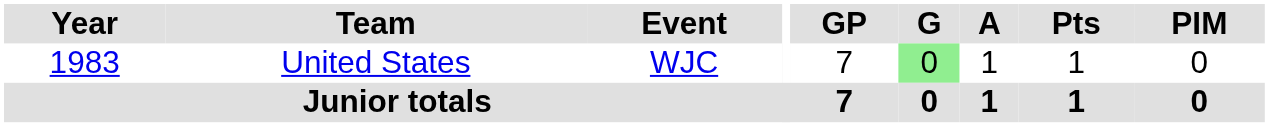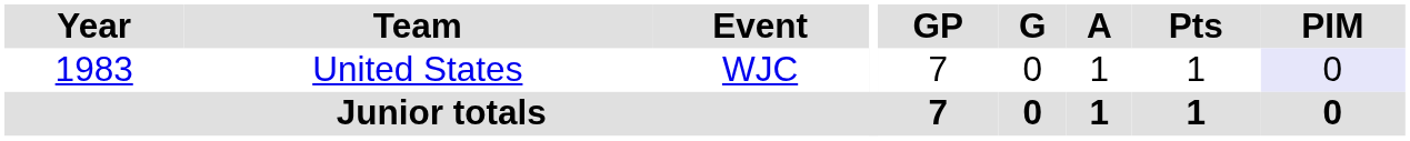 <table border="0" cellpadding="1" cellspacing="0" ID="Table3" style="text-align:center; width:40em">
 <tr bgcolor="#e0e0e0">
 <th>Year</th>
 <th>Team</th>
 <th>Event</th>
 <th rowspan="102" bgcolor="#ffffff"></th>
 <th>GP</th>
 <th>G</th>
 <th>A</th>
 <th>Pts</th>
 <th>PIM</th>
 </tr>
 <tr>
 <td><a href='#'>1983</a></td>
 <td><a href='#'>United States</a></td>
 <td><a href='#'>WJC</a></td>
 <td>7</td>
-<td style="background: lightgreen;">0</td>
+<td>0</td>
 <td>1</td>
 <td>1</td>
-<td>0</td>
+<td style="background: lavender;">0</td>
 </tr>
 <tr bgcolor="#e0e0e0">
 <th colspan="4">Junior totals</th>
 <th>7</th>
 <th>0</th>
 <th>1</th>
 <th>1</th>
 <th>0</th>
 </tr>
 </table>
